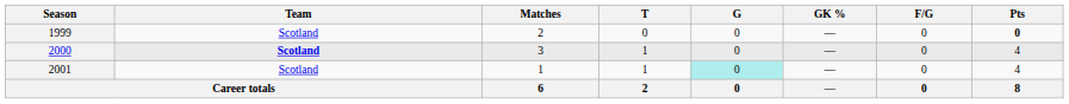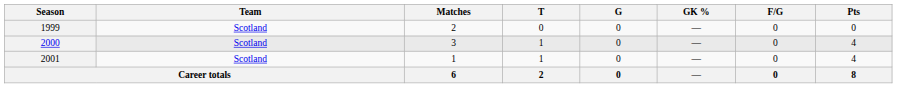 <table class="wikitable sortable"  style="font-size:90%; text-align:center; width:85%;">
 <tr>
 <th width=2%>Season</th>
 <th width=8%>Team</th>
 <th width=2%>Matches</th>
 <th width=2%>T</th>
 <th width=2%>G</th>
 <th width=2%>GK %</th>
 <th width=2%>F/G</th>
 <th width=2%>Pts</th>
 </tr>
 <tr>
 <th scope="row" style="text-align:center; font-weight:normal">1999</th>
 <td style="text-align:center;"> <a href='#'>Scotland</a></td>
 <td>2</td>
 <td>0</td>
 <td>0</td>
 <td>—</td>
 <td>0</td>
-<td><strong>0</strong></td>
+<td>0</td>
 </tr>
 <tr style="background-color: #EAEAEA">
 <th scope="row" style="text-align:center; font-weight:normal"><a href='#'>2000</a></th>
-<td style="text-align:center;"><strong> <a href='#'>Scotland</a></strong></td>
+<td style="text-align:center;"> <a href='#'>Scotland</a></td>
 <td>3</td>
 <td>1</td>
 <td>0</td>
 <td>—</td>
 <td>0</td>
 <td>4</td>
 </tr>
 <tr>
 <th scope="row" style="text-align:center; font-weight:normal">2001</th>
 <td style="text-align:center;"> <a href='#'>Scotland</a></td>
 <td>1</td>
 <td>1</td>
-<td style="background: paleturquoise;">0</td>
+<td>0</td>
 <td>—</td>
 <td>0</td>
 <td>4</td>
 </tr>
 <tr class="sortbottom">
 <th colspan=2>Career totals</th>
 <th>6</th>
 <th>2</th>
 <th>0</th>
 <th>—</th>
 <th>0</th>
 <th>8</th>
 </tr>
 </table>
